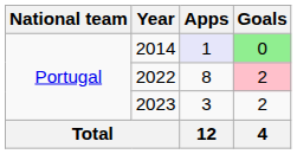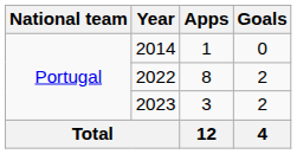 <table class="wikitable" style="text-align:center">
 <tr>
 <th>National team</th>
 <th>Year</th>
 <th>Apps</th>
 <th>Goals</th>
 </tr>
 <tr>
 <td rowspan="3"><a href='#'>Portugal</a></td>
 <td>2014</td>
-<td style="background: lavender;">1</td>
-<td style="background: lightgreen;">0</td>
+<td>1</td>
+<td>0</td>
 </tr>
 <tr>
 <td>2022</td>
 <td>8</td>
-<td style="background: pink;">2</td>
+<td>2</td>
 </tr>
 <tr>
 <td>2023</td>
 <td>3</td>
 <td>2</td>
 </tr>
 <tr>
 <th colspan="2">Total</th>
 <th>12</th>
 <th>4</th>
 </tr>
 </table>
